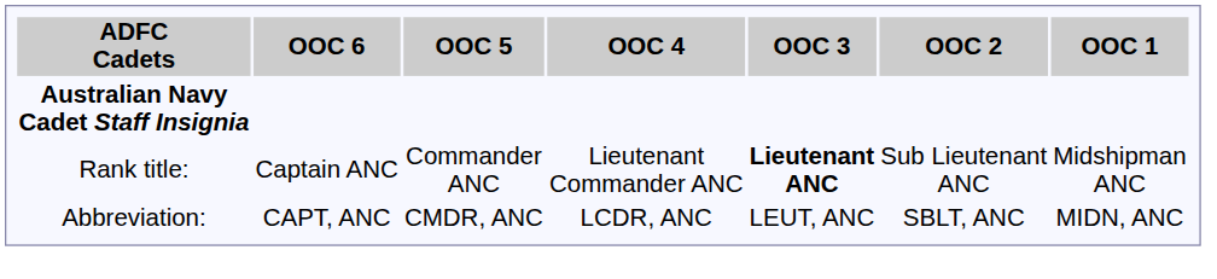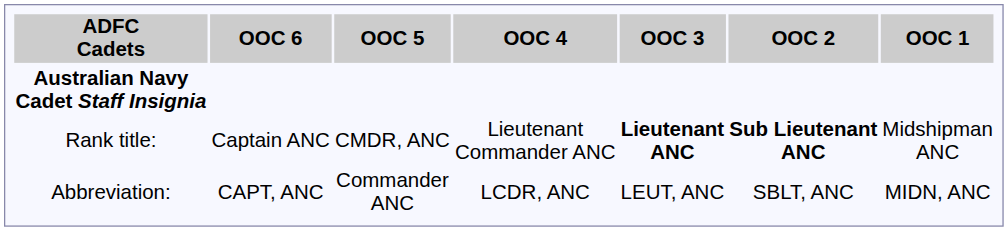 <table style="border:1px solid #8888aa; background:#f7f8ff; text-align:center; padding:5px;">
 <tr style="background:#CCCCCC">
 <th>ADFC<br>Cadets</th>
 <th>OOC 6</th>
 <th>OOC 5</th>
 <th>OOC 4</th>
 <th>OOC 3</th>
 <th>OOC 2</th>
 <th>OOC 1</th>
 </tr>
 <tr>
 <td><strong>Australian Navy</strong><br><strong>Cadet <em>Staff Insignia<strong><em></td>
 <td></td>
 <td></td>
 <td></td>
 <td></td>
 <td></td>
 <td></td>
 </tr>
 <tr>
 <td></strong>Rank title:<strong></td>
 <td>Captain ANC</td>
-<td>Commander<br>ANC</td>
+<td>CMDR, ANC</td>
 <td>Lieutenant<br>Commander ANC</td>
 <td><strong>Lieutenant<br>ANC</strong></td>
-<td>Sub Lieutenant<br>ANC</td>
+<td><strong>Sub Lieutenant<br>ANC</strong></td>
 <td>Midshipman<br>ANC</td>
 </tr>
 <tr>
 <td></strong>Abbreviation:<strong></td>
 <td>CAPT, ANC</td>
-<td>CMDR, ANC</td>
+<td>Commander<br>ANC</td>
 <td>LCDR, ANC</td>
 <td>LEUT, ANC</td>
 <td>SBLT, ANC</td>
 <td>MIDN, ANC</td>
 </tr>
 </table>
